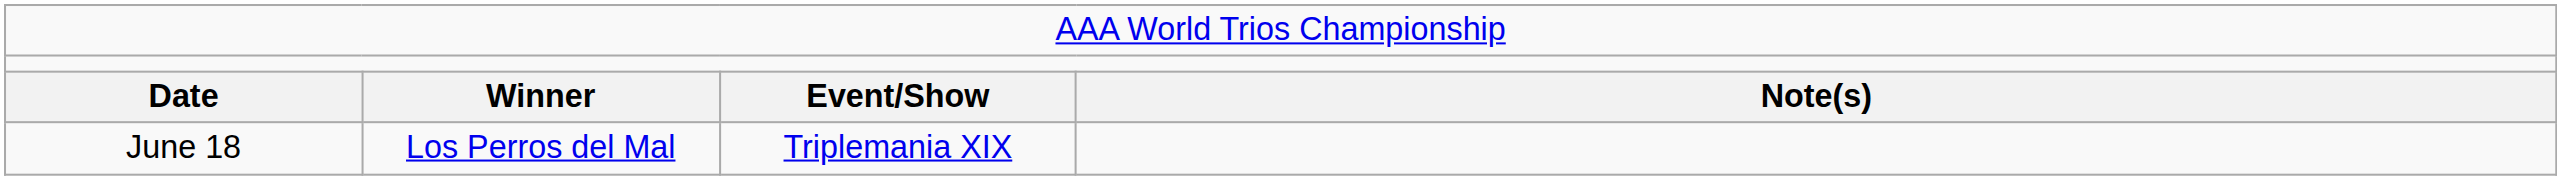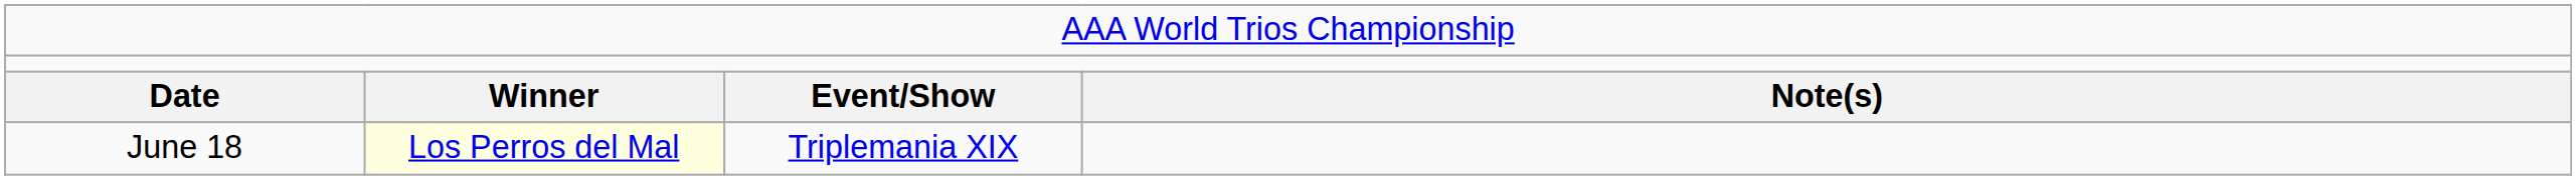 <table class="wikitable" style="text-align:center; width:100%;">
 <tr>
 <td colspan="5"><a href='#'>AAA World Trios Championship</a></td>
 </tr>
 <tr>
 <td colspan="5"><strong></strong></td>
 </tr>
 <tr>
 <th width="14%">Date</th>
 <th width="14%">Winner</th>
 <th width="14%">Event/Show</th>
 <th width="58%">Note(s)</th>
 </tr>
 <tr>
 <td>June 18</td>
-<td><a href='#'>Los Perros del Mal</a><br></td>
+<td style="background: lightyellow;"><a href='#'>Los Perros del Mal</a><br></td>
 <td><a href='#'>Triplemania XIX</a></td>
 <td align="left"></td>
 </tr>
 </table>
